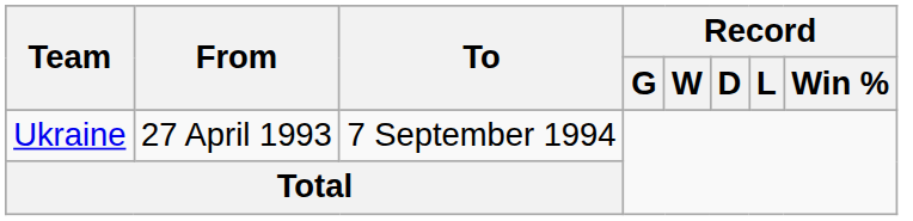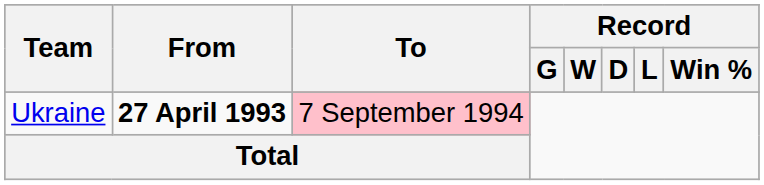 <table class="wikitable" style="text-align: center">
 <tr>
 <th rowspan=2>Team</th>
 <th rowspan=2>From</th>
 <th rowspan=2>To</th>
 <th colspan=5>Record</th>
 </tr>
 <tr>
 <th>G</th>
 <th>W</th>
 <th>D</th>
 <th>L</th>
 <th>Win %</th>
 </tr>
 <tr>
 <td align=left> <a href='#'>Ukraine</a></td>
-<td align=left>27 April 1993</td>
-<td align=left>7 September 1994<br></td>
+<td align=left><strong>27 April 1993</strong></td>
+<td align=left style="background: pink;">7 September 1994<br></td>
 </tr>
 <tr>
 <th colspan=3>Total<br></th>
 </tr>
 </table>
